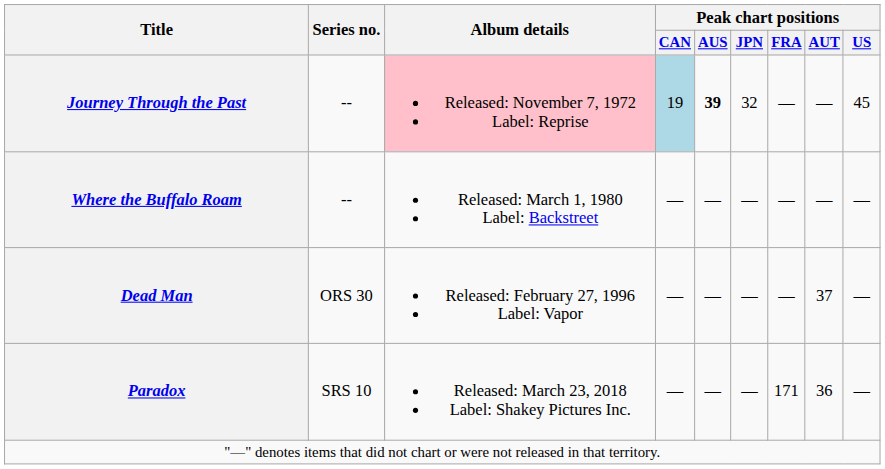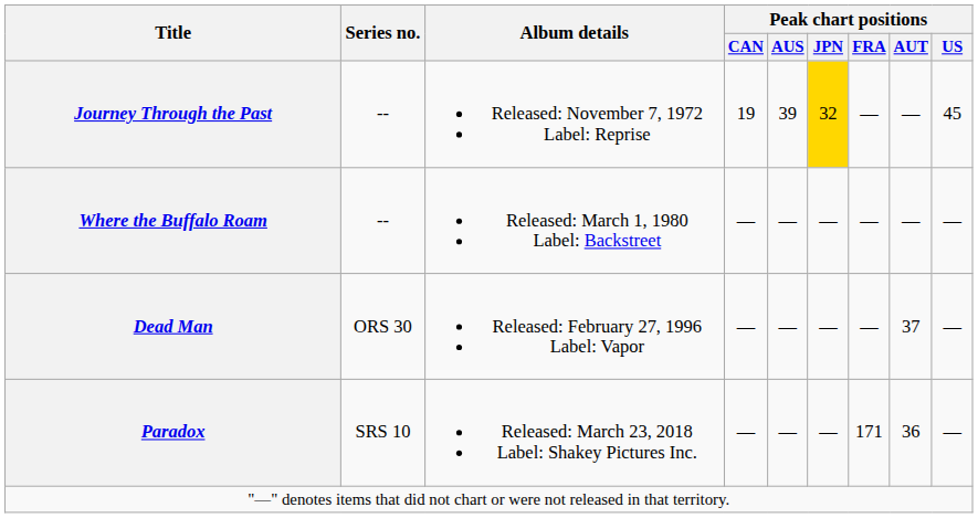 <table class="wikitable plainrowheaders" style="text-align:center;">
 <tr>
 <th scope="col" rowspan="2" style="width:18em;">Title</th>
 <th rowspan="2">Series no.</th>
 <th scope="col" rowspan="2" style="width:16em;">Album details</th>
 <th scope="col" colspan="6">Peak chart positions</th>
 </tr>
 <tr>
 <th style="width:2em;font-size:90%;"><a href='#'>CAN</a><br></th>
 <th style="width:2em;font-size:90%;"><a href='#'>AUS</a><br></th>
 <th style="width:2em;font-size:90%;"><a href='#'>JPN</a><br></th>
 <th style="width:2em;font-size:90%;"><a href='#'>FRA</a><br></th>
 <th style="width:2em;font-size:90%;"><a href='#'>AUT</a><br></th>
 <th style="width:2em;font-size:90%;"><a href='#'>US</a><br></th>
 </tr>
 <tr>
 <th scope="row"><em><a href='#'>Journey Through the Past</a></em></th>
 <td>--</td>
-<td style="background: pink;"><br><ul><li>Released: November 7, 1972</li><li>Label: Reprise</li></ul></td>
-<td style="background: lightblue;">19</td>
-<td><strong>39</strong></td>
-<td>32</td>
+<td><br><ul><li>Released: November 7, 1972</li><li>Label: Reprise</li></ul></td>
+<td>19</td>
+<td>39</td>
+<td style="background: gold;">32</td>
 <td>—</td>
 <td>—</td>
 <td>45</td>
 </tr>
 <tr>
 <th scope="row"><em><a href='#'>Where the Buffalo Roam</a></em></th>
 <td>--</td>
 <td><br><ul><li>Released: March 1, 1980</li><li>Label: <a href='#'>Backstreet</a></li></ul></td>
 <td>—</td>
 <td>—</td>
 <td>—</td>
 <td>—</td>
 <td>—</td>
 <td>—</td>
 </tr>
 <tr>
 <th scope="row"><em><a href='#'>Dead Man</a></em></th>
 <td>ORS 30</td>
 <td><br><ul><li>Released: February 27, 1996</li><li>Label: Vapor</li></ul></td>
 <td>—</td>
 <td>—</td>
 <td>—</td>
 <td>—</td>
 <td>37</td>
 <td>—</td>
 </tr>
 <tr>
 <th scope="row"><em><a href='#'>Paradox</a></em></th>
 <td>SRS 10</td>
 <td><br><ul><li>Released: March 23, 2018</li><li>Label: Shakey Pictures Inc.</li></ul></td>
 <td>—</td>
 <td>—</td>
 <td>—</td>
 <td>171</td>
 <td>36</td>
 <td>—</td>
 </tr>
 <tr>
 <td colspan="18" align="center" style="font-size:90%">"—" denotes items that did not chart or were not released in that territory.</td>
 </tr>
 </table>
